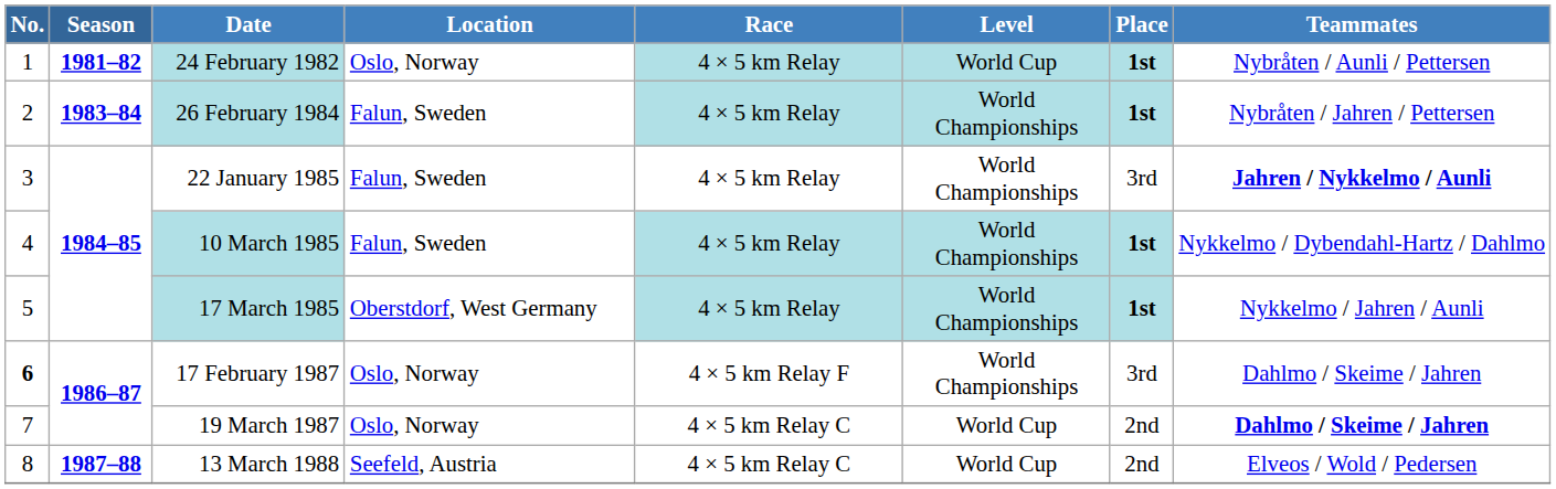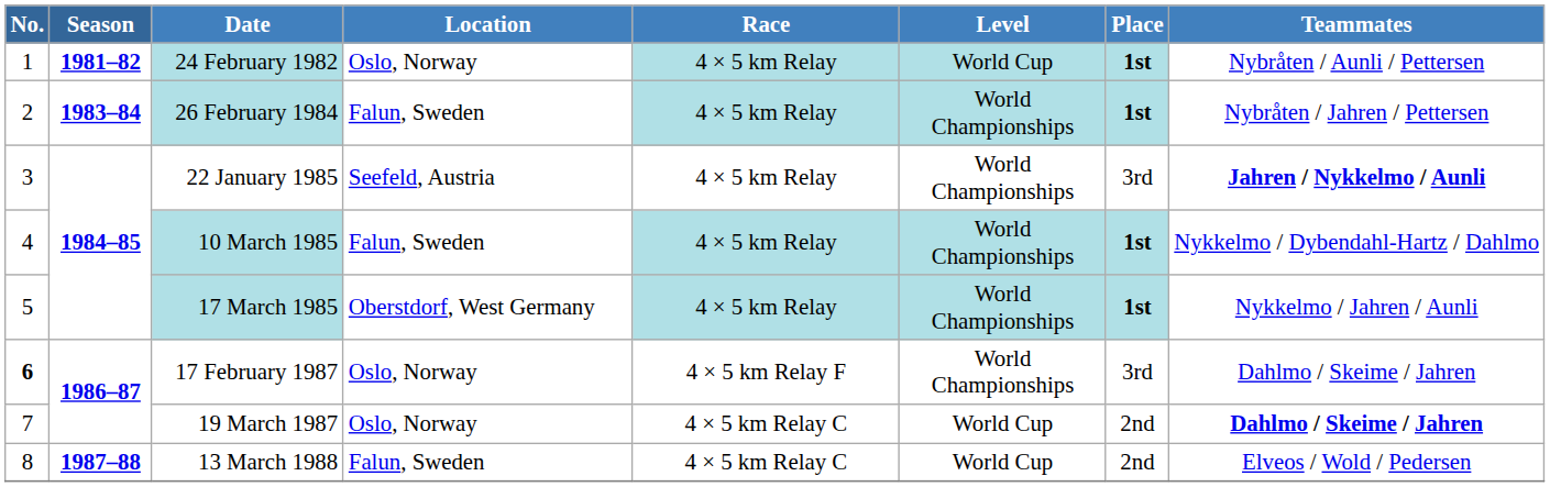 <table class="wikitable sortable" style="font-size:95%; text-align:center; border:grey solid 1px; border-collapse:collapse; background:#ffffff;">
 <tr style="background:#efefef;">
 <th style="background-color:#369; color:white;">No.</th>
 <th style="background-color:#369; color:white;">Season</th>
 <th style="background-color:#4180be; color:white; width:120px;">Date</th>
 <th style="background-color:#4180be; color:white; width:185px;">Location</th>
 <th style="background-color:#4180be; color:white; width:170px;">Race</th>
 <th style="background-color:#4180be; color:white; width:130px;">Level</th>
 <th style="background-color:#4180be; color:white;">Place</th>
 <th style="background-color:#4180be; color:white;">Teammates</th>
 </tr>
 <tr>
 <td align=center>1</td>
 <td rowspan=1 align=center><strong><a href='#'>1981–82</a></strong></td>
 <td bgcolor="#BOEOE6" align=right>24 February 1982</td>
 <td align=left> <a href='#'>Oslo</a>, Norway</td>
 <td bgcolor="#BOEOE6">4 × 5 km Relay</td>
 <td bgcolor="#BOEOE6">World Cup</td>
 <td bgcolor="#BOEOE6"><strong>1st</strong></td>
 <td><a href='#'>Nybråten</a> / <a href='#'>Aunli</a> / <a href='#'>Pettersen</a></td>
 </tr>
 <tr>
 <td align=center>2</td>
 <td rowspan=1 align=center><strong><a href='#'>1983–84</a></strong></td>
 <td bgcolor="#BOEOE6" align=right>26 February 1984</td>
 <td align=left> <a href='#'>Falun</a>, Sweden</td>
 <td bgcolor="#BOEOE6">4 × 5 km Relay</td>
 <td bgcolor="#BOEOE6">World Championships</td>
 <td bgcolor="#BOEOE6"><strong>1st</strong></td>
 <td><a href='#'>Nybråten</a> / <a href='#'>Jahren</a> / <a href='#'>Pettersen</a></td>
 </tr>
 <tr>
 <td align=center>3</td>
 <td rowspan=3 align=center><strong> <a href='#'>1984–85</a> </strong></td>
 <td align=right>22 January 1985</td>
-<td align=left> <a href='#'>Falun</a>, Sweden</td>
+<td align=left> <a href='#'>Seefeld</a>, Austria</td>
 <td>4 × 5 km Relay</td>
 <td>World Championships</td>
 <td>3rd</td>
 <td><strong><a href='#'>Jahren</a> / <a href='#'>Nykkelmo</a> / <a href='#'>Aunli</a></strong></td>
 </tr>
 <tr>
 <td align=center>4</td>
 <td bgcolor="#BOEOE6" align=right>10 March 1985</td>
 <td align=left> <a href='#'>Falun</a>, Sweden</td>
 <td bgcolor="#BOEOE6">4 × 5 km Relay</td>
 <td bgcolor="#BOEOE6">World Championships</td>
 <td bgcolor="#BOEOE6"><strong>1st</strong></td>
 <td><a href='#'>Nykkelmo</a> / <a href='#'>Dybendahl-Hartz</a> / <a href='#'>Dahlmo</a></td>
 </tr>
 <tr>
 <td align=center>5</td>
 <td bgcolor="#BOEOE6" align=right>17 March 1985</td>
 <td align=left> <a href='#'>Oberstdorf</a>, West Germany</td>
 <td bgcolor="#BOEOE6">4 × 5 km Relay</td>
 <td bgcolor="#BOEOE6">World Championships</td>
 <td bgcolor="#BOEOE6"><strong>1st</strong></td>
 <td><a href='#'>Nykkelmo</a> / <a href='#'>Jahren</a> / <a href='#'>Aunli</a></td>
 </tr>
 <tr>
 <td align=center><strong>6</strong></td>
 <td rowspan=2 align=center><strong> <a href='#'>1986–87</a> </strong></td>
 <td align=right>17 February 1987</td>
 <td align=left> <a href='#'>Oslo</a>, Norway</td>
 <td>4 × 5 km Relay F</td>
 <td>World Championships</td>
 <td>3rd</td>
 <td><a href='#'>Dahlmo</a> / <a href='#'>Skeime</a> / <a href='#'>Jahren</a></td>
 </tr>
 <tr>
 <td align=center>7</td>
 <td align=right>19 March 1987</td>
 <td align=left> <a href='#'>Oslo</a>, Norway</td>
 <td>4 × 5 km Relay C</td>
 <td>World Cup</td>
 <td>2nd</td>
 <td><strong><a href='#'>Dahlmo</a> / <a href='#'>Skeime</a> / <a href='#'>Jahren</a></strong></td>
 </tr>
 <tr>
 <td align=center>8</td>
 <td rowspan=1 align=center><strong> <a href='#'>1987–88</a> </strong></td>
 <td align=right>13 March 1988</td>
-<td align=left> <a href='#'>Seefeld</a>, Austria</td>
+<td align=left> <a href='#'>Falun</a>, Sweden</td>
 <td>4 × 5 km Relay C</td>
 <td>World Cup</td>
 <td>2nd</td>
 <td><a href='#'>Elveos</a> / <a href='#'>Wold</a> / <a href='#'>Pedersen</a></td>
 </tr>
 <tr>
 </tr>
 </table>
